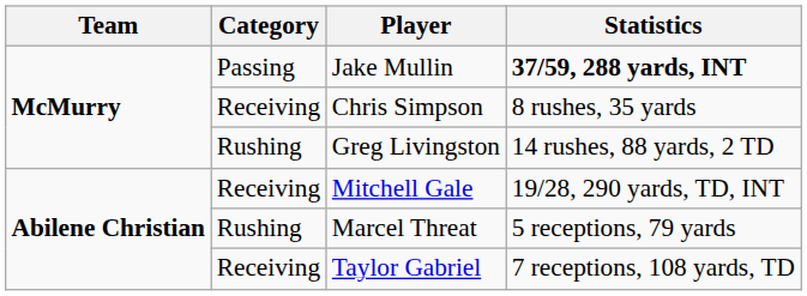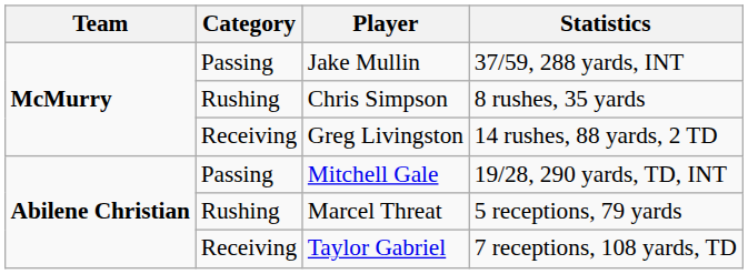 <table class="wikitable" style="float: left;">
 <tr>
 <th>Team</th>
 <th>Category</th>
 <th>Player</th>
 <th>Statistics</th>
 </tr>
 <tr>
 <td rowspan=3><strong>McMurry</strong></td>
 <td>Passing</td>
 <td>Jake Mullin</td>
-<td><strong>37/59, 288 yards, INT</strong></td>
+<td>37/59, 288 yards, INT</td>
 </tr>
 <tr>
-<td>Receiving</td>
+<td>Rushing</td>
 <td>Chris Simpson</td>
 <td>8 rushes, 35 yards</td>
 </tr>
 <tr>
-<td>Rushing</td>
+<td>Receiving</td>
 <td>Greg Livingston</td>
 <td>14 rushes, 88 yards, 2 TD</td>
 </tr>
 <tr>
 <td rowspan=3><strong>Abilene Christian</strong></td>
-<td>Receiving</td>
+<td>Passing</td>
 <td><a href='#'>Mitchell Gale</a></td>
 <td>19/28, 290 yards, TD, INT</td>
 </tr>
 <tr>
 <td>Rushing</td>
 <td>Marcel Threat</td>
 <td>5 receptions, 79 yards</td>
 </tr>
 <tr>
 <td>Receiving</td>
 <td><a href='#'>Taylor Gabriel</a></td>
 <td>7 receptions, 108 yards, TD</td>
 </tr>
 </table>
